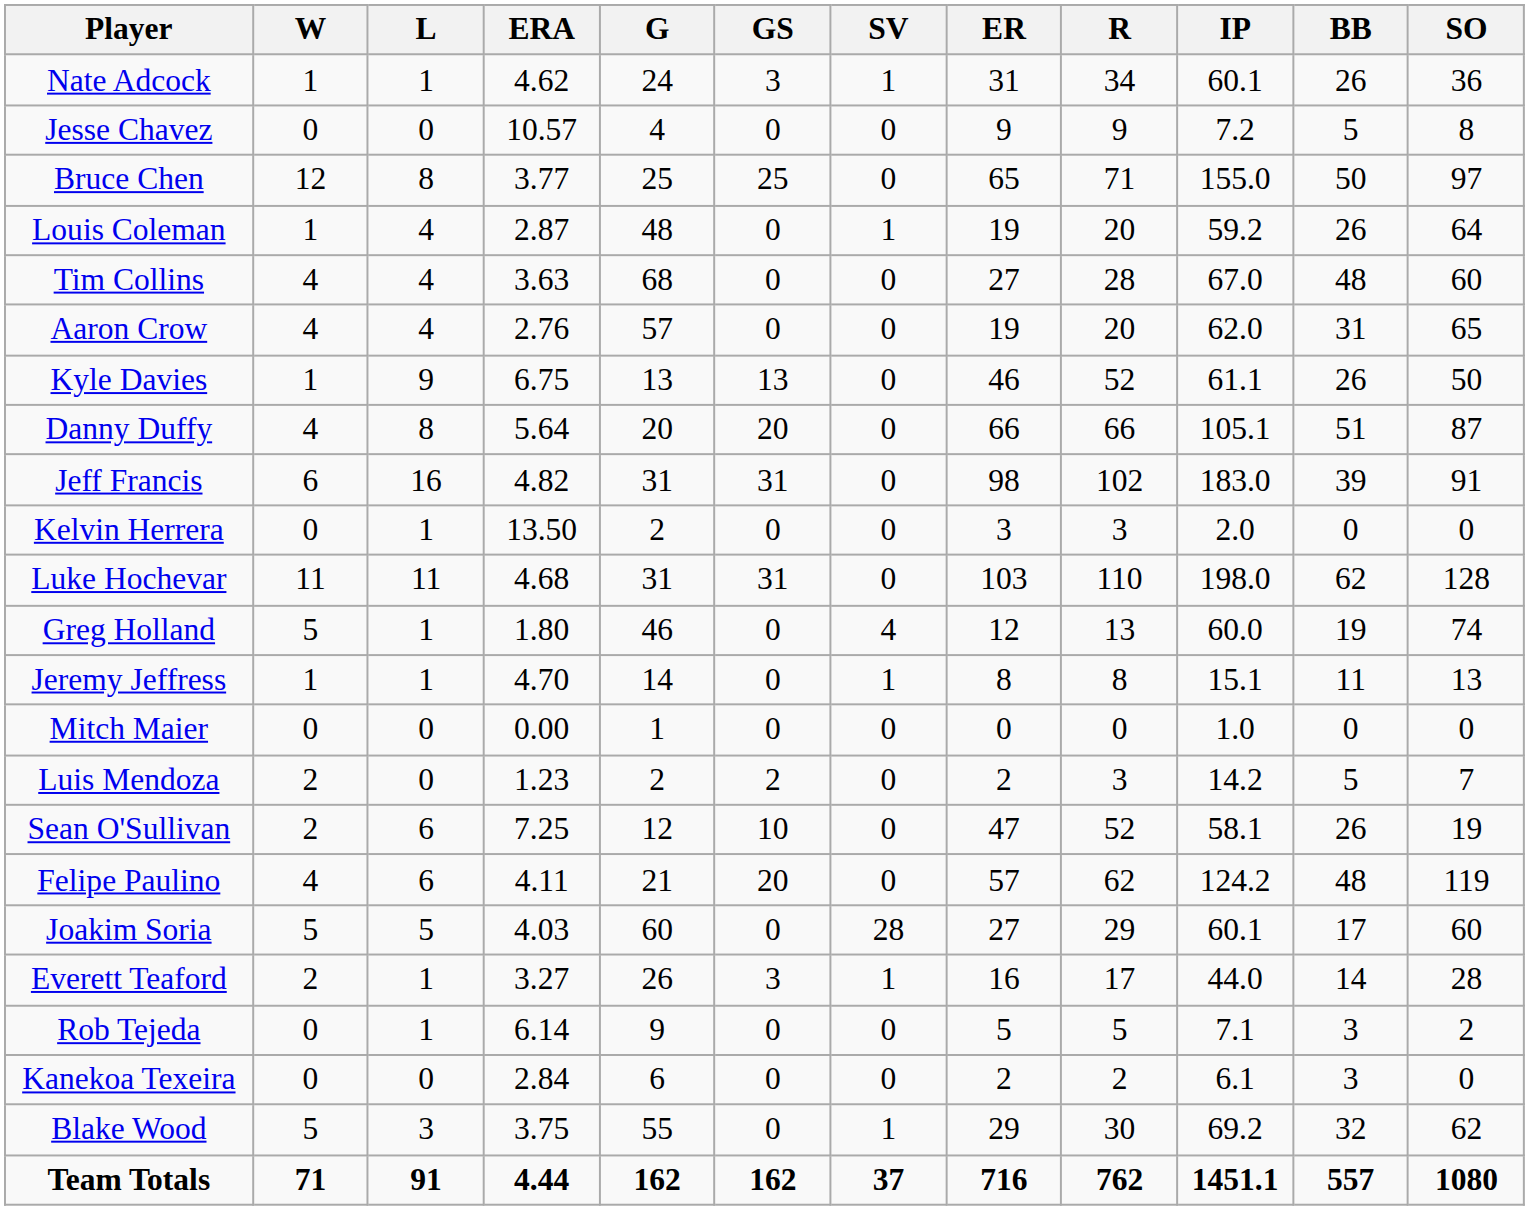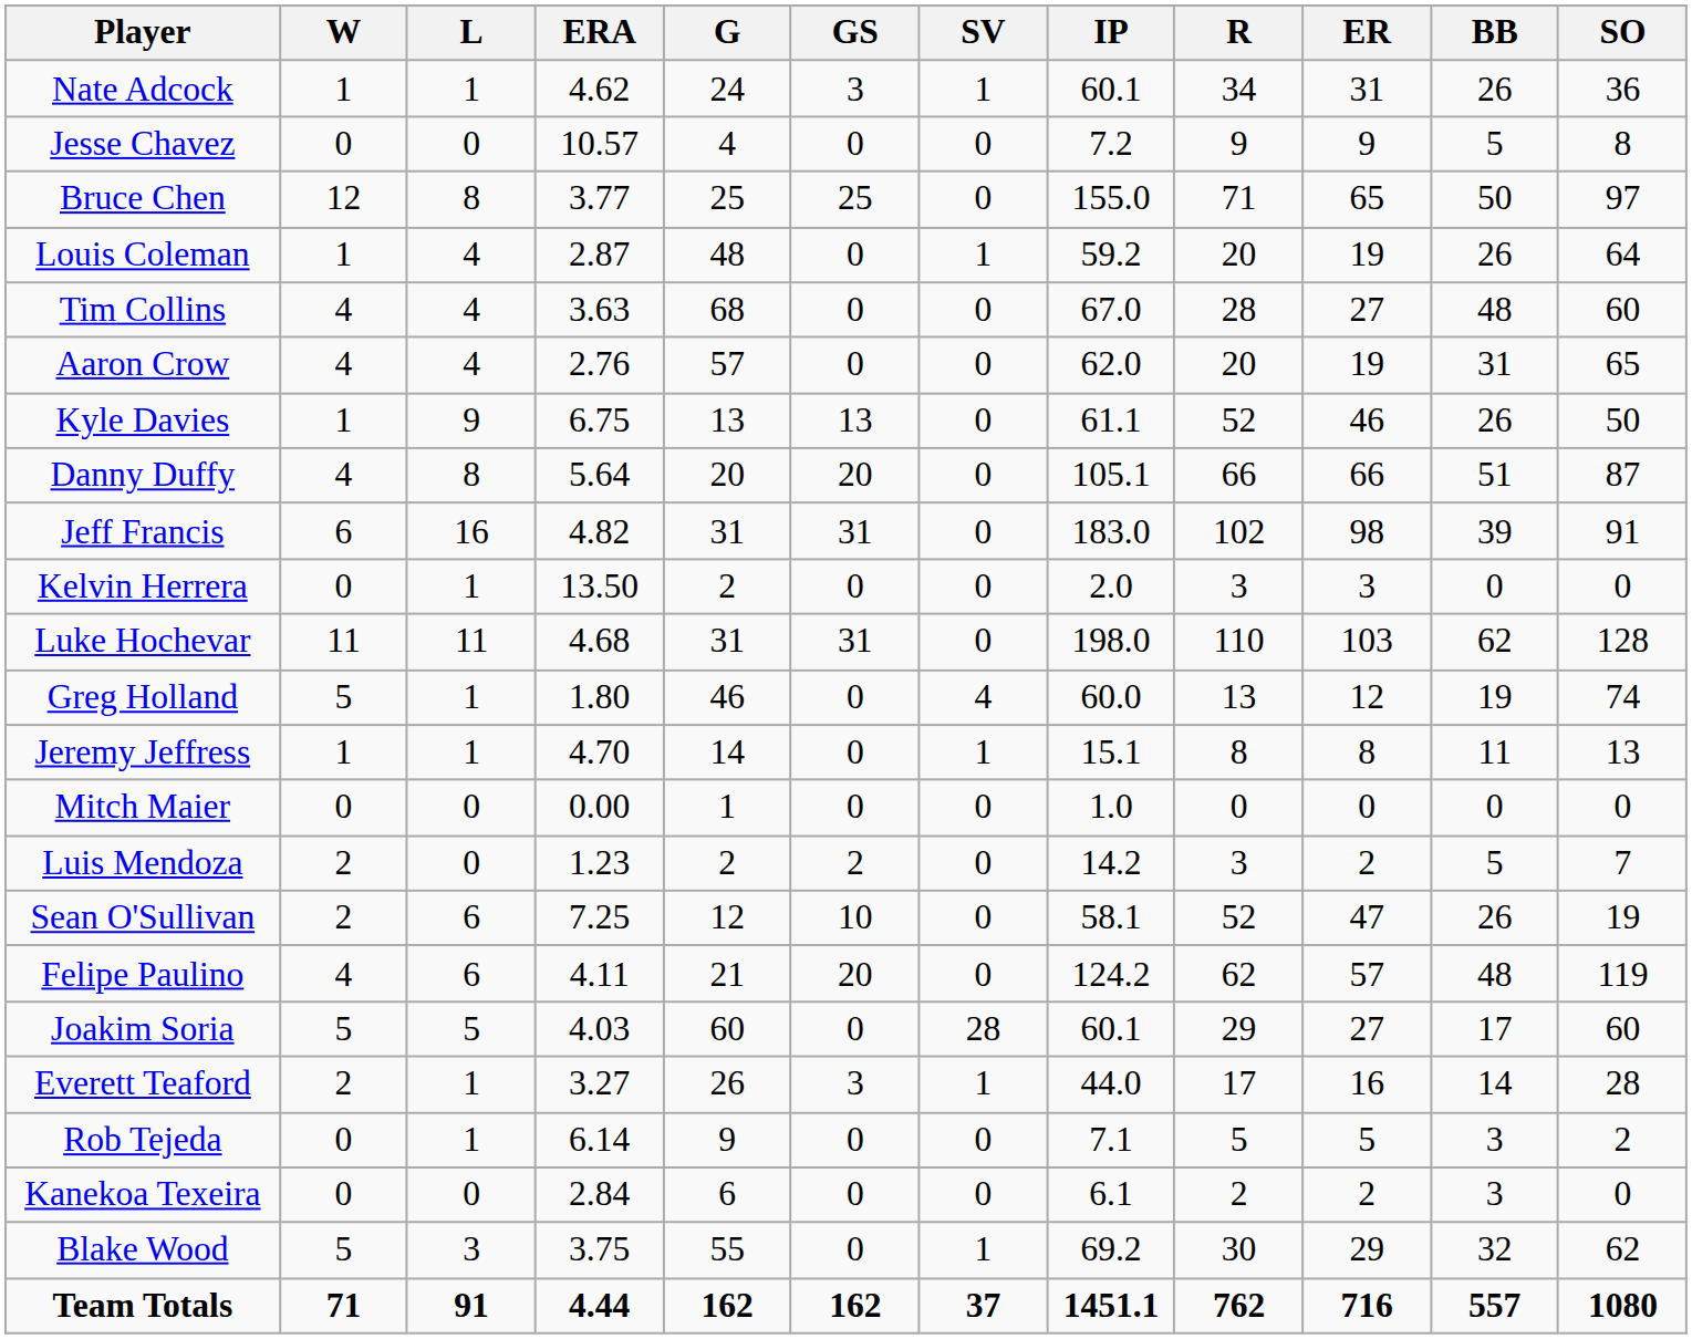 <table class="wikitable sortable">
 <tr>
 <th width="15%">Player</th>
 <th width="7%">W</th>
 <th width="7%">L</th>
 <th width="7%">ERA</th>
 <th width="7%">G</th>
 <th width="7%">GS</th>
 <th width="7%">SV</th>
+<th width="7%">IP</th>
+<th width="7%">R</th>
 <th width="7%">ER</th>
-<th width="7%">R</th>
-<th width="7%">IP</th>
 <th width="7%">BB</th>
 <th width="7%">SO</th>
 </tr>
 <tr align=center>
 <td><a href='#'>Nate Adcock</a></td>
 <td>1</td>
 <td>1</td>
 <td>4.62</td>
 <td>24</td>
 <td>3</td>
 <td>1</td>
+<td>60.1</td>
+<td>34</td>
 <td>31</td>
-<td>34</td>
-<td>60.1</td>
 <td>26</td>
 <td>36</td>
 </tr>
 <tr align=center>
 <td><a href='#'>Jesse Chavez</a></td>
 <td>0</td>
 <td>0</td>
 <td>10.57</td>
 <td>4</td>
 <td>0</td>
 <td>0</td>
+<td>7.2</td>
 <td>9</td>
 <td>9</td>
-<td>7.2</td>
 <td>5</td>
 <td>8</td>
 </tr>
 <tr align=center>
 <td><a href='#'>Bruce Chen</a></td>
 <td>12</td>
 <td>8</td>
 <td>3.77</td>
 <td>25</td>
 <td>25</td>
 <td>0</td>
+<td>155.0</td>
+<td>71</td>
 <td>65</td>
-<td>71</td>
-<td>155.0</td>
 <td>50</td>
 <td>97</td>
 </tr>
 <tr align=center>
 <td><a href='#'>Louis Coleman</a></td>
 <td>1</td>
 <td>4</td>
 <td>2.87</td>
 <td>48</td>
 <td>0</td>
 <td>1</td>
+<td>59.2</td>
+<td>20</td>
 <td>19</td>
-<td>20</td>
-<td>59.2</td>
 <td>26</td>
 <td>64</td>
 </tr>
 <tr align=center>
 <td><a href='#'>Tim Collins</a></td>
 <td>4</td>
 <td>4</td>
 <td>3.63</td>
 <td>68</td>
 <td>0</td>
 <td>0</td>
+<td>67.0</td>
+<td>28</td>
 <td>27</td>
-<td>28</td>
-<td>67.0</td>
 <td>48</td>
 <td>60</td>
 </tr>
 <tr align=center>
 <td><a href='#'>Aaron Crow</a></td>
 <td>4</td>
 <td>4</td>
 <td>2.76</td>
 <td>57</td>
 <td>0</td>
 <td>0</td>
+<td>62.0</td>
+<td>20</td>
 <td>19</td>
-<td>20</td>
-<td>62.0</td>
 <td>31</td>
 <td>65</td>
 </tr>
 <tr align=center>
 <td><a href='#'>Kyle Davies</a></td>
 <td>1</td>
 <td>9</td>
 <td>6.75</td>
 <td>13</td>
 <td>13</td>
 <td>0</td>
+<td>61.1</td>
+<td>52</td>
 <td>46</td>
-<td>52</td>
-<td>61.1</td>
 <td>26</td>
 <td>50</td>
 </tr>
 <tr align=center>
 <td><a href='#'>Danny Duffy</a></td>
 <td>4</td>
 <td>8</td>
 <td>5.64</td>
 <td>20</td>
 <td>20</td>
 <td>0</td>
+<td>105.1</td>
 <td>66</td>
 <td>66</td>
-<td>105.1</td>
 <td>51</td>
 <td>87</td>
 </tr>
 <tr align=center>
 <td><a href='#'>Jeff Francis</a></td>
 <td>6</td>
 <td>16</td>
 <td>4.82</td>
 <td>31</td>
 <td>31</td>
 <td>0</td>
+<td>183.0</td>
+<td>102</td>
 <td>98</td>
-<td>102</td>
-<td>183.0</td>
 <td>39</td>
 <td>91</td>
 </tr>
 <tr align=center>
 <td><a href='#'>Kelvin Herrera</a></td>
 <td>0</td>
 <td>1</td>
 <td>13.50</td>
 <td>2</td>
 <td>0</td>
 <td>0</td>
+<td>2.0</td>
 <td>3</td>
 <td>3</td>
-<td>2.0</td>
 <td>0</td>
 <td>0</td>
 </tr>
 <tr align=center>
 <td><a href='#'>Luke Hochevar</a></td>
 <td>11</td>
 <td>11</td>
 <td>4.68</td>
 <td>31</td>
 <td>31</td>
 <td>0</td>
+<td>198.0</td>
+<td>110</td>
 <td>103</td>
-<td>110</td>
-<td>198.0</td>
 <td>62</td>
 <td>128</td>
 </tr>
 <tr align=center>
 <td><a href='#'>Greg Holland</a></td>
 <td>5</td>
 <td>1</td>
 <td>1.80</td>
 <td>46</td>
 <td>0</td>
 <td>4</td>
+<td>60.0</td>
+<td>13</td>
 <td>12</td>
-<td>13</td>
-<td>60.0</td>
 <td>19</td>
 <td>74</td>
 </tr>
 <tr align=center>
 <td><a href='#'>Jeremy Jeffress</a></td>
 <td>1</td>
 <td>1</td>
 <td>4.70</td>
 <td>14</td>
 <td>0</td>
 <td>1</td>
+<td>15.1</td>
 <td>8</td>
 <td>8</td>
-<td>15.1</td>
 <td>11</td>
 <td>13</td>
 </tr>
 <tr align=center>
 <td><a href='#'>Mitch Maier</a></td>
 <td>0</td>
 <td>0</td>
 <td>0.00</td>
 <td>1</td>
 <td>0</td>
 <td>0</td>
+<td>1.0</td>
 <td>0</td>
 <td>0</td>
-<td>1.0</td>
 <td>0</td>
 <td>0</td>
 </tr>
 <tr align=center>
 <td><a href='#'>Luis Mendoza</a></td>
 <td>2</td>
 <td>0</td>
 <td>1.23</td>
 <td>2</td>
 <td>2</td>
 <td>0</td>
+<td>14.2</td>
+<td>3</td>
 <td>2</td>
-<td>3</td>
-<td>14.2</td>
 <td>5</td>
 <td>7</td>
 </tr>
 <tr align=center>
 <td><a href='#'>Sean O'Sullivan</a></td>
 <td>2</td>
 <td>6</td>
 <td>7.25</td>
 <td>12</td>
 <td>10</td>
 <td>0</td>
+<td>58.1</td>
+<td>52</td>
 <td>47</td>
-<td>52</td>
-<td>58.1</td>
 <td>26</td>
 <td>19</td>
 </tr>
 <tr align=center>
 <td><a href='#'>Felipe Paulino</a></td>
 <td>4</td>
 <td>6</td>
 <td>4.11</td>
 <td>21</td>
 <td>20</td>
 <td>0</td>
+<td>124.2</td>
+<td>62</td>
 <td>57</td>
-<td>62</td>
-<td>124.2</td>
 <td>48</td>
 <td>119</td>
 </tr>
 <tr align=center>
 <td><a href='#'>Joakim Soria</a></td>
 <td>5</td>
 <td>5</td>
 <td>4.03</td>
 <td>60</td>
 <td>0</td>
 <td>28</td>
+<td>60.1</td>
+<td>29</td>
 <td>27</td>
-<td>29</td>
-<td>60.1</td>
 <td>17</td>
 <td>60</td>
 </tr>
 <tr align=center>
 <td><a href='#'>Everett Teaford</a></td>
 <td>2</td>
 <td>1</td>
 <td>3.27</td>
 <td>26</td>
 <td>3</td>
 <td>1</td>
+<td>44.0</td>
+<td>17</td>
 <td>16</td>
-<td>17</td>
-<td>44.0</td>
 <td>14</td>
 <td>28</td>
 </tr>
 <tr align=center>
 <td><a href='#'>Rob Tejeda</a></td>
 <td>0</td>
 <td>1</td>
 <td>6.14</td>
 <td>9</td>
 <td>0</td>
 <td>0</td>
+<td>7.1</td>
 <td>5</td>
 <td>5</td>
-<td>7.1</td>
 <td>3</td>
 <td>2</td>
 </tr>
 <tr align=center>
 <td><a href='#'>Kanekoa Texeira</a></td>
 <td>0</td>
 <td>0</td>
 <td>2.84</td>
 <td>6</td>
 <td>0</td>
 <td>0</td>
+<td>6.1</td>
 <td>2</td>
 <td>2</td>
-<td>6.1</td>
 <td>3</td>
 <td>0</td>
 </tr>
 <tr align=center>
 <td><a href='#'>Blake Wood</a></td>
 <td>5</td>
 <td>3</td>
 <td>3.75</td>
 <td>55</td>
 <td>0</td>
 <td>1</td>
+<td>69.2</td>
+<td>30</td>
 <td>29</td>
-<td>30</td>
-<td>69.2</td>
 <td>32</td>
 <td>62</td>
 </tr>
 <tr align=center>
 <td><strong>Team Totals</strong></td>
 <td><strong>71</strong></td>
 <td><strong>91</strong></td>
 <td><strong>4.44</strong></td>
 <td><strong>162</strong></td>
 <td><strong>162</strong></td>
 <td><strong>37</strong></td>
+<td><strong>1451.1</strong></td>
+<td><strong>762</strong></td>
 <td><strong>716</strong></td>
-<td><strong>762</strong></td>
-<td><strong>1451.1</strong></td>
 <td><strong>557</strong></td>
 <td><strong>1080</strong></td>
 </tr>
 </table>
